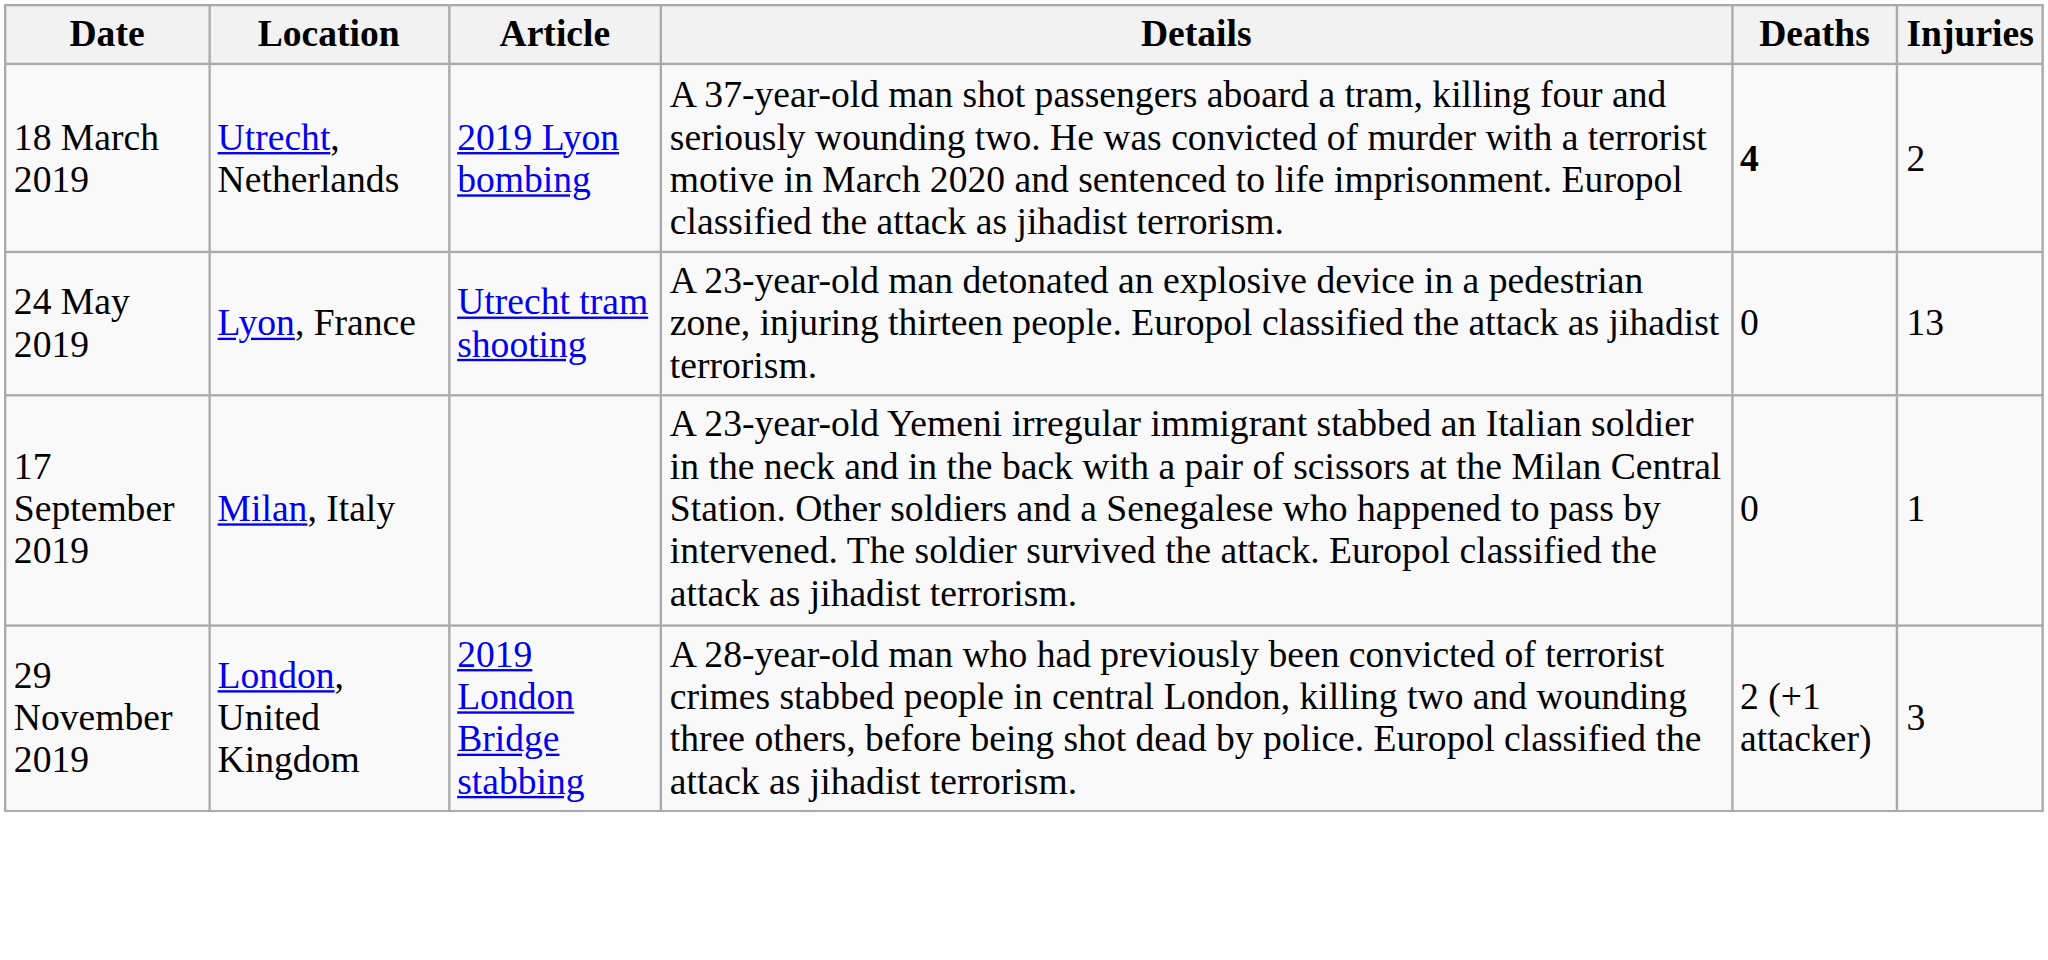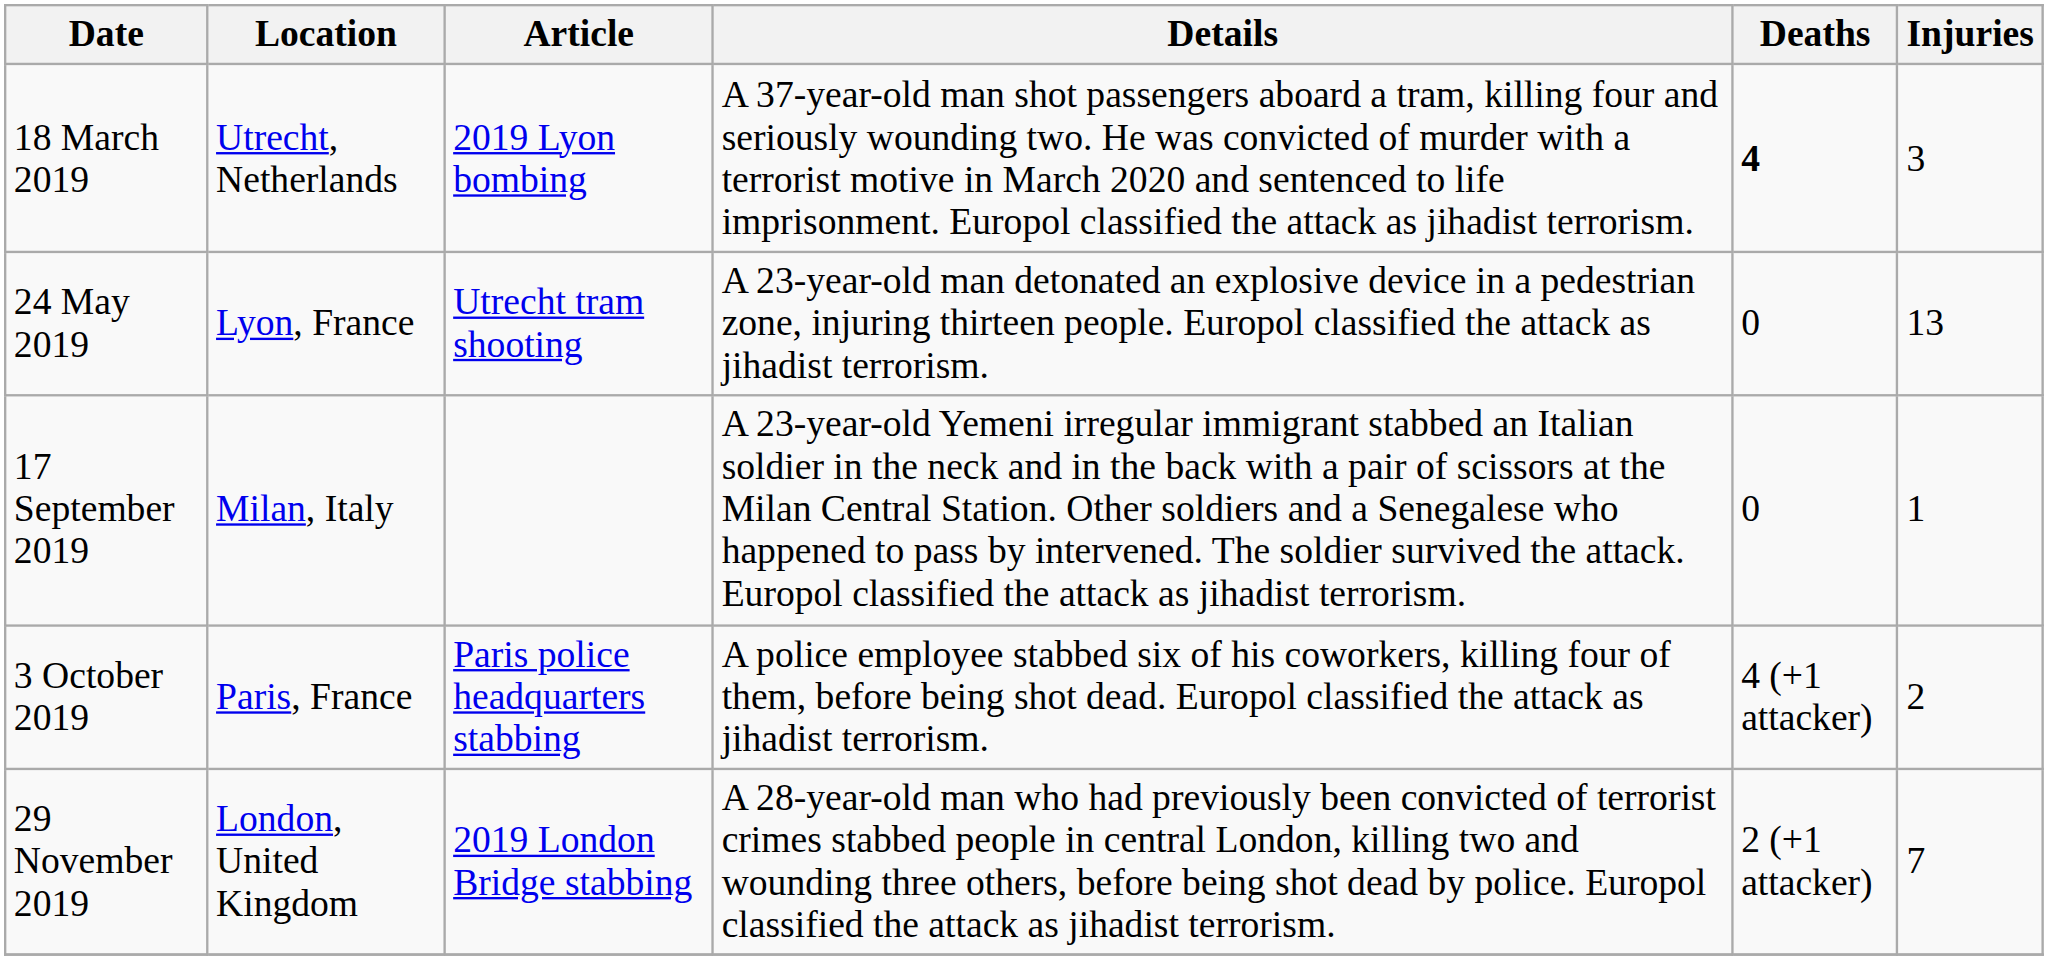 <table class="wikitable ">
 <tr>
 <th>Date</th>
 <th>Location</th>
 <th>Article</th>
 <th>Details</th>
 <th>Deaths</th>
 <th>Injuries</th>
 </tr>
 <tr>
 <td>18 March 2019</td>
 <td> <a href='#'>Utrecht</a>, Netherlands</td>
 <td><a href='#'>2019 Lyon bombing</a></td>
 <td>A 37-year-old man shot passengers aboard a tram, killing four and seriously wounding two. He was convicted of murder with a terrorist motive in March 2020 and sentenced to life imprisonment. Europol classified the attack as jihadist terrorism.</td>
 <td><strong>4</strong></td>
-<td>2</td>
+<td>3</td>
 </tr>
 <tr>
 <td>24 May 2019</td>
 <td> <a href='#'>Lyon</a>, France</td>
 <td><a href='#'>Utrecht tram shooting</a></td>
 <td>A 23-year-old man detonated an explosive device in a pedestrian zone, injuring thirteen people. Europol classified the attack as jihadist terrorism.</td>
 <td>0</td>
 <td>13</td>
 </tr>
 <tr>
 <td>17 September 2019</td>
 <td> <a href='#'>Milan</a>, Italy</td>
 <td></td>
 <td>A 23-year-old Yemeni irregular immigrant stabbed an Italian soldier in the neck and in the back with a pair of scissors at the Milan Central Station. Other soldiers and a Senegalese who happened to pass by intervened. The soldier survived the attack. Europol classified the attack as jihadist terrorism.</td>
 <td>0</td>
 <td>1</td>
 </tr>
 <tr>
+<td>3 October 2019</td>
+<td> <a href='#'>Paris</a>, France</td>
+<td><a href='#'>Paris police headquarters stabbing</a></td>
+<td>A police employee stabbed six of his coworkers, killing four of them, before being shot dead. Europol classified the attack as jihadist terrorism.</td>
+<td>4 (+1 attacker)</td>
+<td>2</td>
+</tr>
+<tr>
 <td>29 November 2019</td>
 <td> <a href='#'>London</a>, United Kingdom</td>
 <td><a href='#'>2019 London Bridge stabbing</a></td>
 <td>A 28-year-old man who had previously been convicted of terrorist crimes stabbed people in central London, killing two and wounding three others, before being shot dead by police. Europol classified the attack as jihadist terrorism.</td>
 <td>2 (+1 attacker)</td>
-<td>3</td>
+<td>7</td>
 </tr>
 <tr>
 </tr>
 </table>
